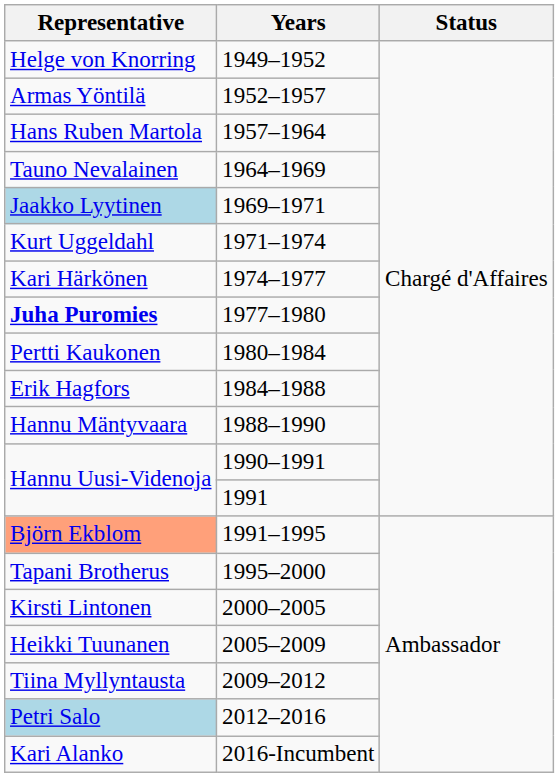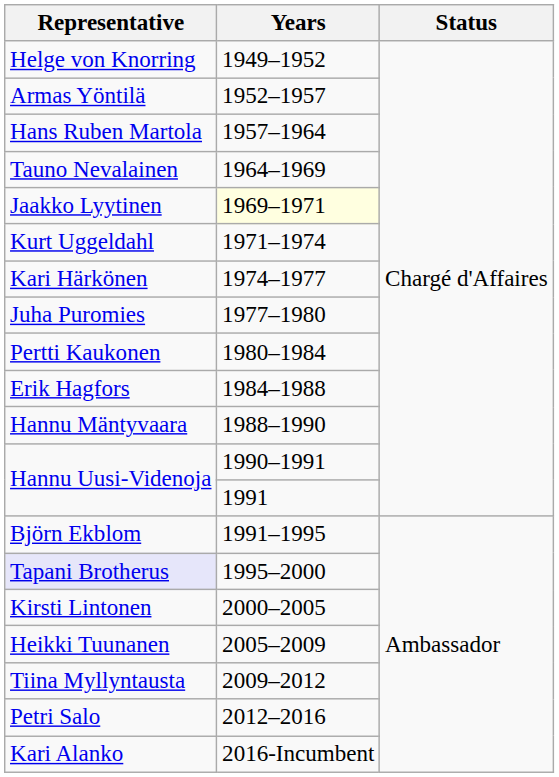 <table class="wikitable sortable">
 <tr>
 <th>Representative</th>
 <th>Years</th>
 <th>Status</th>
 </tr>
 <tr>
 <td><a href='#'>Helge von Knorring</a></td>
 <td>1949–1952</td>
 <td rowspan="13">Chargé d'Affaires</td>
 </tr>
 <tr>
 <td><a href='#'>Armas Yöntilä</a></td>
 <td>1952–1957</td>
 </tr>
 <tr>
 <td><a href='#'>Hans Ruben Martola</a></td>
 <td>1957–1964</td>
 </tr>
 <tr>
 <td><a href='#'>Tauno Nevalainen</a></td>
 <td>1964–1969</td>
 </tr>
 <tr>
-<td style="background: lightblue;"><a href='#'>Jaakko Lyytinen</a></td>
-<td>1969–1971</td>
+<td><a href='#'>Jaakko Lyytinen</a></td>
+<td style="background: lightyellow;">1969–1971</td>
 </tr>
 <tr>
 <td><a href='#'>Kurt Uggeldahl</a></td>
 <td>1971–1974</td>
 </tr>
 <tr>
 <td><a href='#'>Kari Härkönen</a></td>
 <td>1974–1977</td>
 </tr>
 <tr>
-<td><strong><a href='#'>Juha Puromies</a></strong></td>
+<td><a href='#'>Juha Puromies</a></td>
 <td>1977–1980</td>
 </tr>
 <tr>
 <td><a href='#'>Pertti Kaukonen</a></td>
 <td>1980–1984</td>
 </tr>
 <tr>
 <td><a href='#'>Erik Hagfors</a></td>
 <td>1984–1988</td>
 </tr>
 <tr>
 <td><a href='#'>Hannu Mäntyvaara</a></td>
 <td>1988–1990</td>
 </tr>
 <tr>
 <td rowspan="2"><a href='#'>Hannu Uusi-Videnoja</a></td>
 <td>1990–1991</td>
 </tr>
 <tr>
 <td>1991</td>
 </tr>
 <tr>
-<td style="background: lightsalmon;"><a href='#'>Björn Ekblom</a></td>
+<td><a href='#'>Björn Ekblom</a></td>
 <td>1991–1995</td>
 <td rowspan="7">Ambassador</td>
 </tr>
 <tr>
-<td><a href='#'>Tapani Brotherus</a></td>
+<td style="background: lavender;"><a href='#'>Tapani Brotherus</a></td>
 <td>1995–2000</td>
 </tr>
 <tr>
 <td><a href='#'>Kirsti Lintonen</a></td>
 <td>2000–2005</td>
 </tr>
 <tr>
 <td><a href='#'>Heikki Tuunanen</a></td>
 <td>2005–2009</td>
 </tr>
 <tr>
 <td><a href='#'>Tiina Myllyntausta</a></td>
 <td>2009–2012</td>
 </tr>
 <tr>
-<td style="background: lightblue;"><a href='#'>Petri Salo</a></td>
+<td><a href='#'>Petri Salo</a></td>
 <td>2012–2016</td>
 </tr>
 <tr>
 <td><a href='#'>Kari Alanko</a></td>
 <td>2016-Incumbent</td>
 </tr>
 </table>
